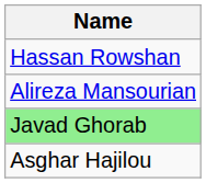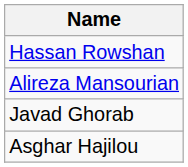 <table class="wikitable">
 <tr>
 <th>Name</th>
 </tr>
 <tr>
 <td> <a href='#'>Hassan Rowshan</a></td>
 </tr>
 <tr>
 <td> <a href='#'>Alireza Mansourian</a></td>
 </tr>
 <tr>
-<td style="background: lightgreen;"> Javad Ghorab</td>
+<td> Javad Ghorab</td>
 </tr>
 <tr>
 <td> Asghar Hajilou</td>
 </tr>
 </table>
